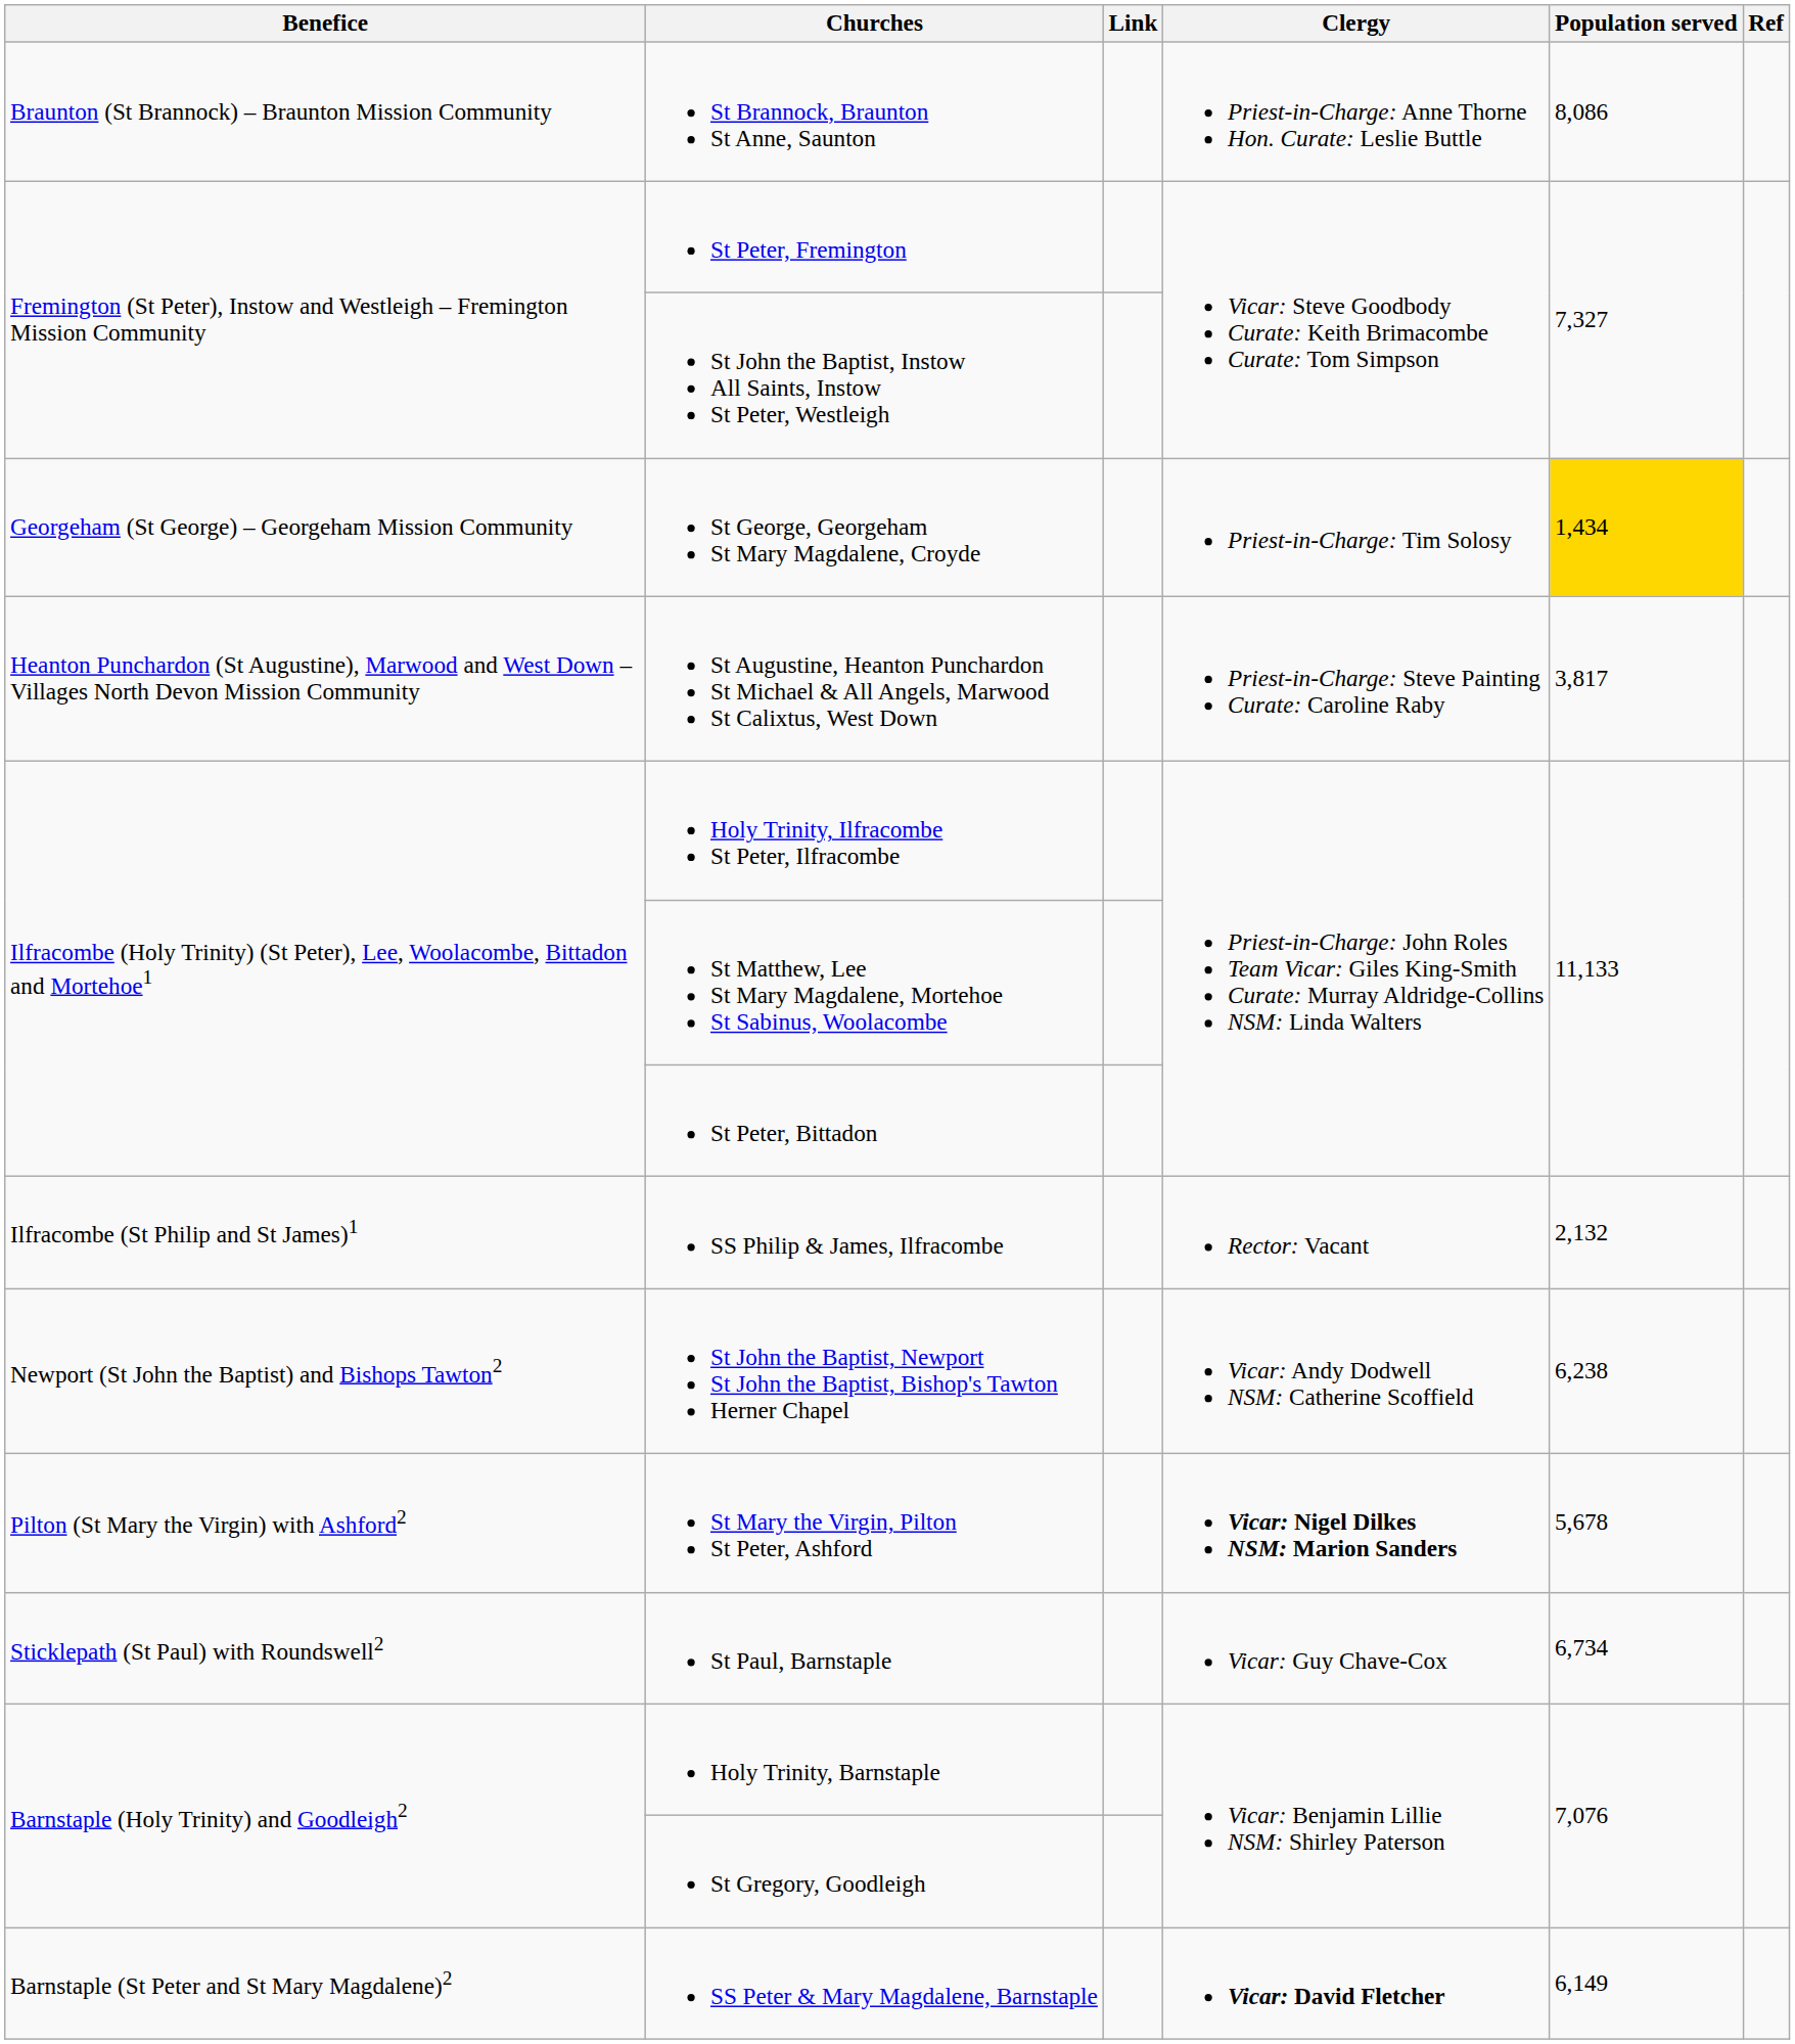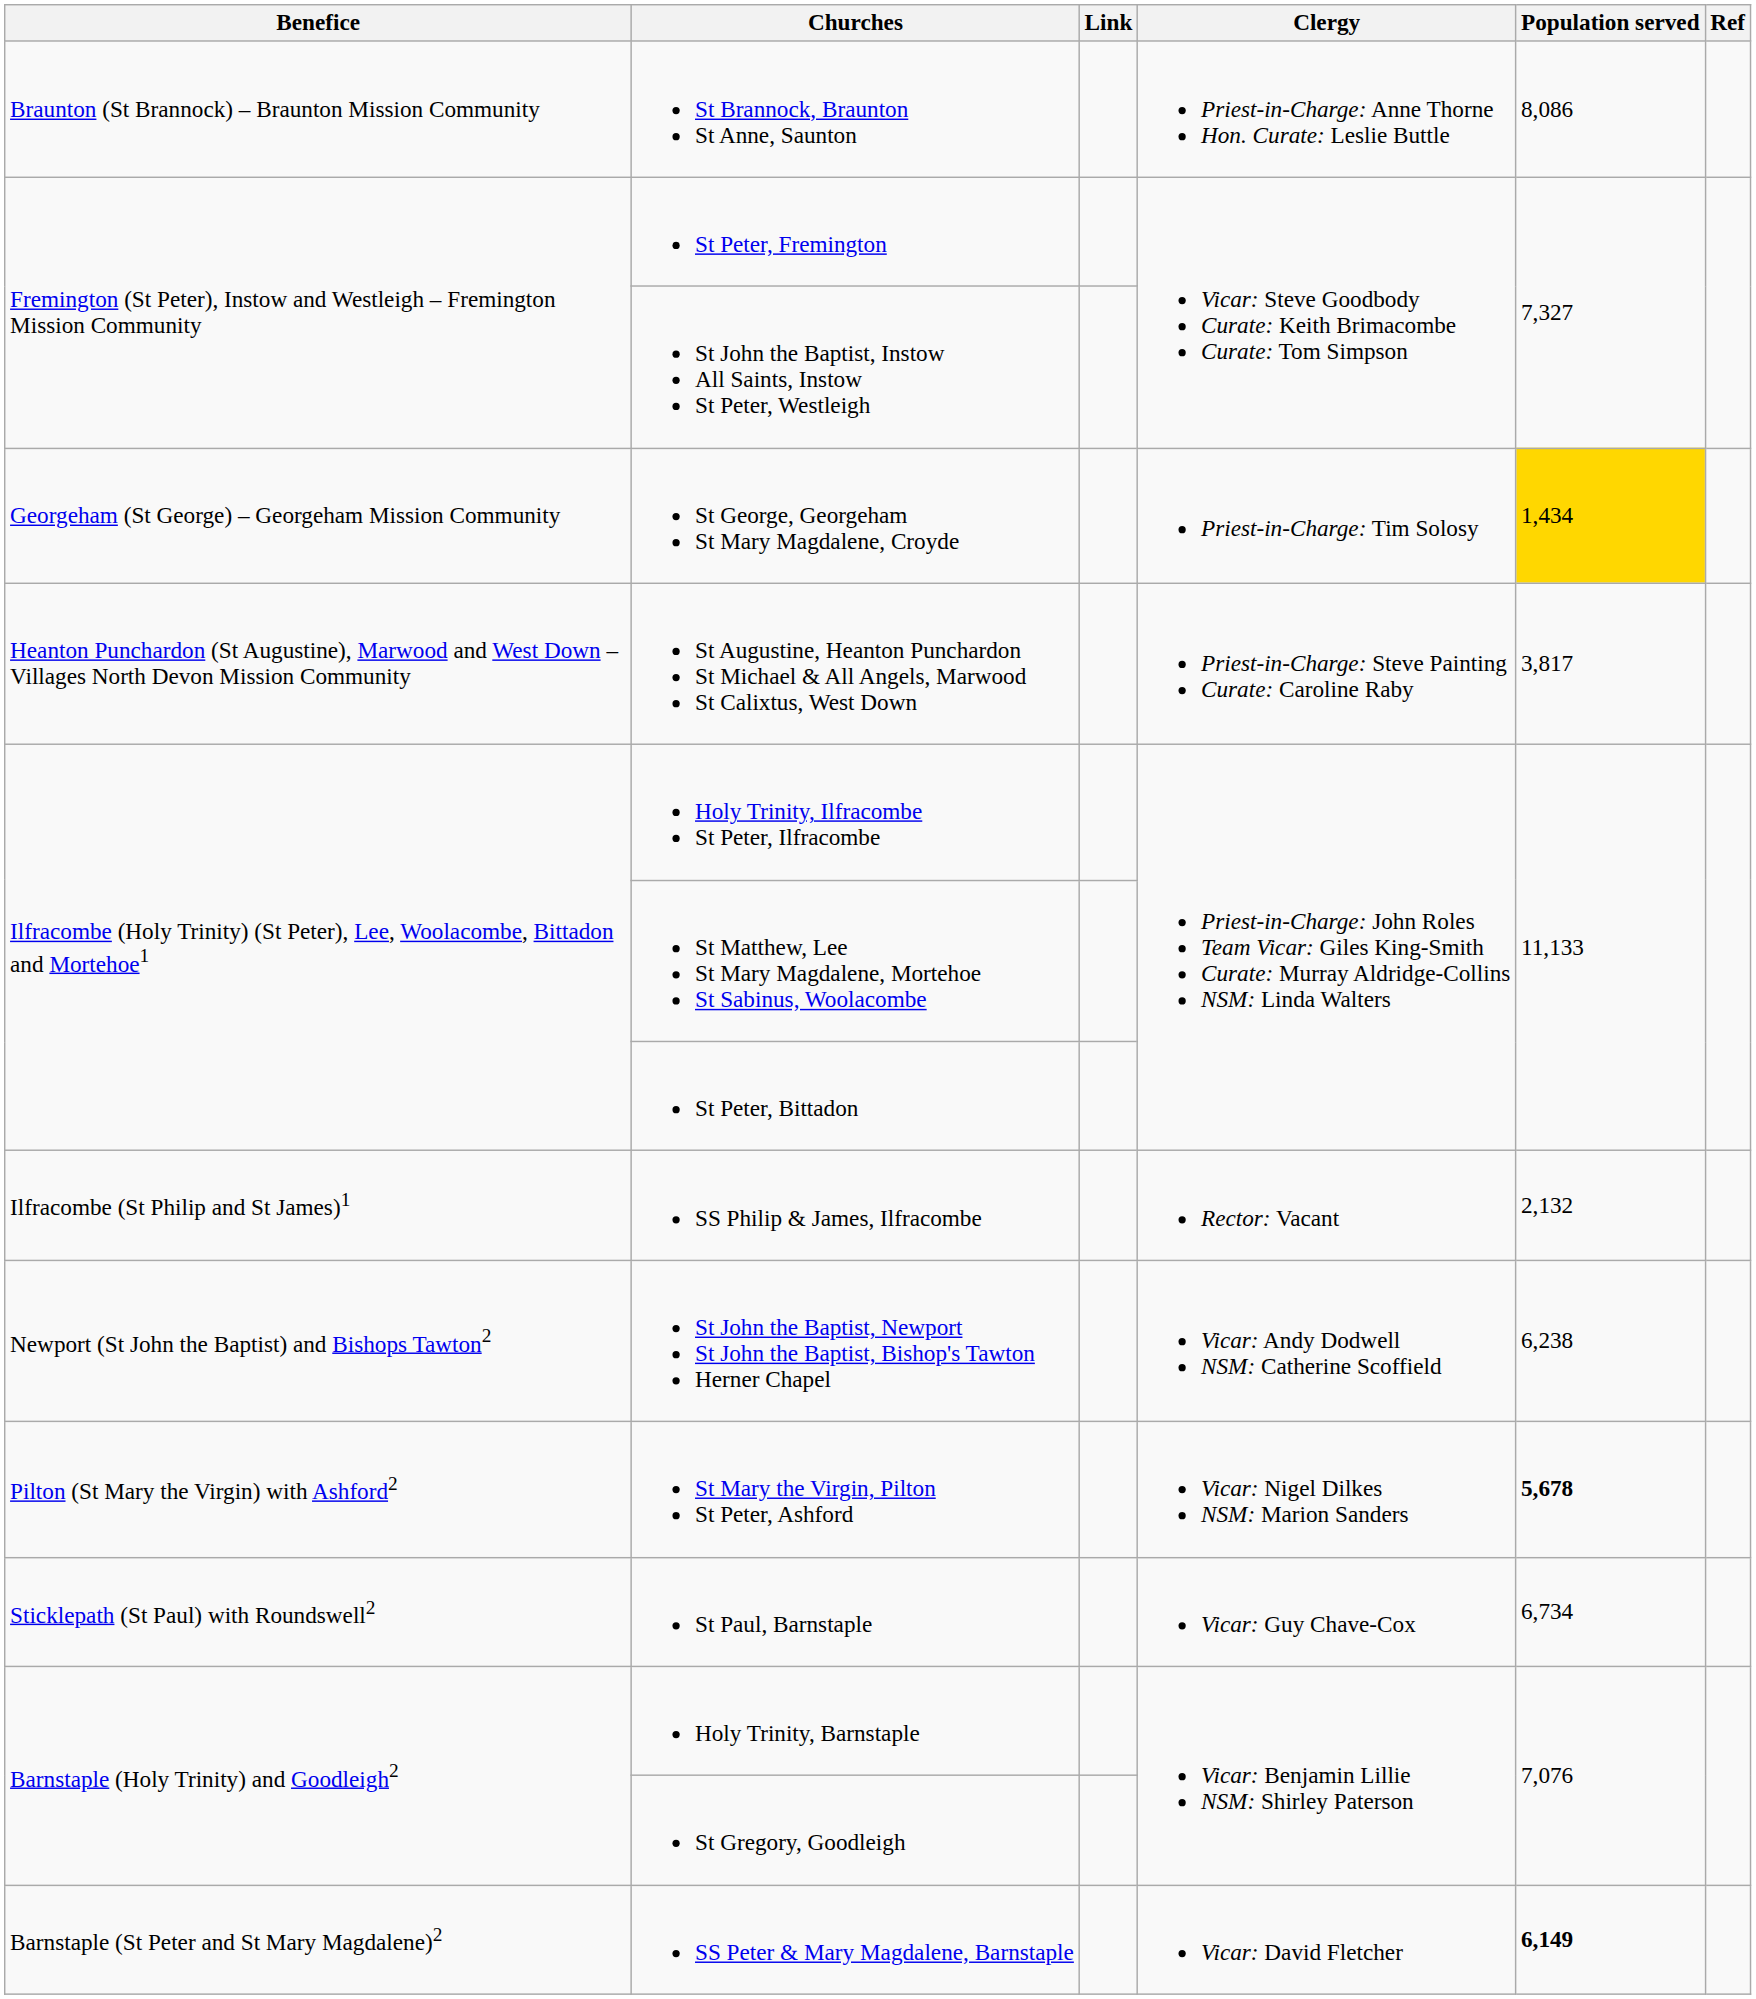 <table class="wikitable">
 <tr>
 <th width="425">Benefice</th>
 <th>Churches</th>
 <th>Link</th>
 <th>Clergy</th>
 <th>Population served</th>
 <th>Ref</th>
 </tr>
 <tr>
 <td><a href='#'>Braunton</a> (St Brannock) – Braunton Mission Community</td>
 <td><br><ul><li><a href='#'>St Brannock, Braunton</a></li><li>St Anne, Saunton</li></ul></td>
 <td></td>
 <td><br><ul><li><em>Priest-in-Charge:</em> Anne Thorne</li><li><em>Hon. Curate:</em> Leslie Buttle</li></ul></td>
 <td>8,086</td>
 <td></td>
 </tr>
 <tr>
 <td rowspan="2"><a href='#'>Fremington</a> (St Peter), Instow and Westleigh – Fremington Mission Community</td>
 <td><br><ul><li><a href='#'>St Peter, Fremington</a></li></ul></td>
 <td></td>
 <td rowspan="2"><br><ul><li><em>Vicar:</em> Steve Goodbody</li><li><em>Curate:</em> Keith Brimacombe</li><li><em>Curate:</em> Tom Simpson</li></ul></td>
 <td rowspan="2">7,327</td>
 <td rowspan="2"></td>
 </tr>
 <tr>
 <td><br><ul><li>St John the Baptist, Instow</li><li>All Saints, Instow</li><li>St Peter, Westleigh</li></ul></td>
 <td></td>
 </tr>
 <tr>
 <td><a href='#'>Georgeham</a> (St George) – Georgeham Mission Community</td>
 <td><br><ul><li>St George, Georgeham</li><li>St Mary Magdalene, Croyde</li></ul></td>
 <td></td>
 <td><br><ul><li><em>Priest-in-Charge:</em> Tim Solosy</li></ul></td>
 <td style="background: gold;">1,434</td>
 <td></td>
 </tr>
 <tr>
 <td><a href='#'>Heanton Punchardon</a> (St Augustine), <a href='#'>Marwood</a> and <a href='#'>West Down</a> – Villages North Devon Mission Community</td>
 <td><br><ul><li>St Augustine, Heanton Punchardon</li><li>St Michael & All Angels, Marwood</li><li>St Calixtus, West Down</li></ul></td>
 <td></td>
 <td><br><ul><li><em>Priest-in-Charge:</em> Steve Painting</li><li><em>Curate:</em> Caroline Raby</li></ul></td>
 <td>3,817</td>
 <td></td>
 </tr>
 <tr>
 <td rowspan="3"><a href='#'>Ilfracombe</a> (Holy Trinity) (St Peter), <a href='#'>Lee</a>, <a href='#'>Woolacombe</a>, <a href='#'>Bittadon</a> and <a href='#'>Mortehoe</a><sup>1</sup></td>
 <td><br><ul><li><a href='#'>Holy Trinity, Ilfracombe</a></li><li>St Peter, Ilfracombe</li></ul></td>
 <td></td>
 <td rowspan="3"><br><ul><li><em>Priest-in-Charge:</em> John Roles</li><li><em>Team Vicar:</em> Giles King-Smith</li><li><em>Curate:</em> Murray Aldridge-Collins</li><li><em>NSM:</em> Linda Walters</li></ul></td>
 <td rowspan="3">11,133</td>
 <td rowspan="3"></td>
 </tr>
 <tr>
 <td><br><ul><li>St Matthew, Lee</li><li>St Mary Magdalene, Mortehoe</li><li><a href='#'>St Sabinus, Woolacombe</a></li></ul></td>
 <td></td>
 </tr>
 <tr>
 <td><br><ul><li>St Peter, Bittadon</li></ul></td>
 <td></td>
 </tr>
 <tr>
 <td>Ilfracombe (St Philip and St James)<sup>1</sup></td>
 <td><br><ul><li>SS Philip & James, Ilfracombe</li></ul></td>
 <td></td>
 <td><br><ul><li><em>Rector:</em> Vacant</li></ul></td>
 <td>2,132</td>
 <td></td>
 </tr>
 <tr>
 <td>Newport (St John the Baptist) and <a href='#'>Bishops Tawton</a><sup>2</sup></td>
 <td><br><ul><li><a href='#'>St John the Baptist, Newport</a></li><li><a href='#'>St John the Baptist, Bishop's Tawton</a></li><li>Herner Chapel</li></ul></td>
 <td></td>
 <td><br><ul><li><em>Vicar:</em> Andy Dodwell</li><li><em>NSM:</em> Catherine Scoffield</li></ul></td>
 <td>6,238</td>
 <td></td>
 </tr>
 <tr>
 <td><a href='#'>Pilton</a> (St Mary the Virgin) with <a href='#'>Ashford</a><sup>2</sup></td>
 <td><br><ul><li><a href='#'>St Mary the Virgin, Pilton</a></li><li>St Peter, Ashford</li></ul></td>
 <td></td>
-<td><strong><br><ul><li><em>Vicar:</em> Nigel Dilkes</li><li><em>NSM:</em> Marion Sanders</li></ul></strong></td>
-<td>5,678</td>
+<td><br><ul><li><em>Vicar:</em> Nigel Dilkes</li><li><em>NSM:</em> Marion Sanders</li></ul></td>
+<td><strong>5,678</strong></td>
 <td></td>
 </tr>
 <tr>
 <td><a href='#'>Sticklepath</a> (St Paul) with Roundswell<sup>2</sup></td>
 <td><br><ul><li>St Paul, Barnstaple</li></ul></td>
 <td></td>
 <td><br><ul><li><em>Vicar:</em> Guy Chave-Cox</li></ul></td>
 <td>6,734</td>
 <td></td>
 </tr>
 <tr>
 <td rowspan="2"><a href='#'>Barnstaple</a> (Holy Trinity) and <a href='#'>Goodleigh</a><sup>2</sup></td>
 <td><br><ul><li>Holy Trinity, Barnstaple</li></ul></td>
 <td></td>
 <td rowspan="2"><br><ul><li><em>Vicar:</em> Benjamin Lillie</li><li><em>NSM:</em> Shirley Paterson</li></ul></td>
 <td rowspan="2">7,076</td>
 <td rowspan="2"></td>
 </tr>
 <tr>
 <td><br><ul><li>St Gregory, Goodleigh</li></ul></td>
 <td></td>
 </tr>
 <tr>
 <td>Barnstaple (St Peter and St Mary Magdalene)<sup>2</sup></td>
 <td><br><ul><li><a href='#'>SS Peter & Mary Magdalene, Barnstaple</a></li></ul></td>
 <td></td>
-<td><strong><br><ul><li><em>Vicar:</em> David Fletcher</li></ul></strong></td>
-<td>6,149</td>
+<td><br><ul><li><em>Vicar:</em> David Fletcher</li></ul></td>
+<td><strong>6,149</strong></td>
 <td></td>
 </tr>
 </table>
